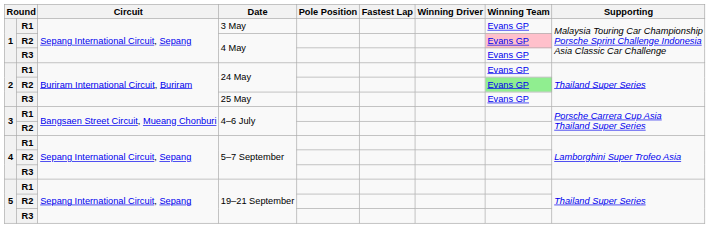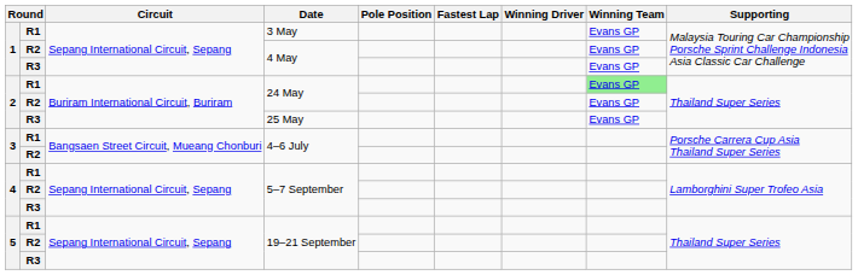 <table class="wikitable" style="font-size:85%">
 <tr>
 <th colspan=2>Round</th>
 <th>Circuit</th>
 <th>Date</th>
 <th>Pole Position</th>
 <th>Fastest Lap</th>
 <th>Winning Driver</th>
 <th>Winning Team</th>
 <th>Supporting</th>
 </tr>
 <tr>
 <th rowspan=3>1</th>
 <th>R1</th>
 <td rowspan=3> <a href='#'>Sepang International Circuit</a>, <a href='#'>Sepang</a></td>
 <td>3 May</td>
 <td nowrap> </td>
 <td nowrap> </td>
 <td nowrap> </td>
 <td nowrap> <a href='#'>Evans GP</a></td>
 <td rowspan=3 nowrap><em>Malaysia Touring Car Championship<br><a href='#'>Porsche Sprint Challenge Indonesia</a><br>Asia Classic Car Challenge</em></td>
 </tr>
 <tr>
 <th>R2</th>
 <td rowspan=2>4 May</td>
 <td></td>
 <td> </td>
 <td> </td>
-<td style="background: pink;"> <a href='#'>Evans GP</a></td>
+<td> <a href='#'>Evans GP</a></td>
 </tr>
 <tr>
 <th>R3</th>
 <td> </td>
 <td> </td>
 <td> </td>
 <td> <a href='#'>Evans GP</a></td>
 </tr>
 <tr>
 <th rowspan=3>2</th>
 <th>R1</th>
 <td rowspan=3> <a href='#'>Buriram International Circuit</a>, <a href='#'>Buriram</a></td>
 <td rowspan=2>24 May</td>
 <td> </td>
 <td> </td>
 <td> </td>
-<td> <a href='#'>Evans GP</a></td>
+<td style="background: lightgreen;"> <a href='#'>Evans GP</a></td>
 <td rowspan=3><em><a href='#'>Thailand Super Series</a></em></td>
 </tr>
 <tr>
 <th>R2</th>
 <td></td>
 <td> </td>
 <td> </td>
-<td style="background: lightgreen;"> <a href='#'>Evans GP</a></td>
+<td> <a href='#'>Evans GP</a></td>
 </tr>
 <tr>
 <th>R3</th>
 <td>25 May</td>
 <td> </td>
 <td> </td>
 <td> </td>
 <td> <a href='#'>Evans GP</a></td>
 </tr>
 <tr>
 <th rowspan=2>3</th>
 <th>R1</th>
 <td rowspan=2 nowrap> <a href='#'>Bangsaen Street Circuit</a>, <a href='#'>Mueang Chonburi</a></td>
 <td rowspan=2>4–6 July</td>
 <td></td>
 <td></td>
 <td></td>
 <td></td>
 <td rowspan=2><em><a href='#'>Porsche Carrera Cup Asia</a><br><a href='#'>Thailand Super Series</a></em></td>
 </tr>
 <tr>
 <th>R2</th>
 <td></td>
 <td></td>
 <td></td>
 <td></td>
 </tr>
 <tr>
 <th rowspan=3>4</th>
 <th>R1</th>
 <td rowspan=3> <a href='#'>Sepang International Circuit</a>, <a href='#'>Sepang</a></td>
 <td rowspan=3>5–7 September</td>
 <td></td>
 <td></td>
 <td></td>
 <td></td>
 <td rowspan=3><em><a href='#'>Lamborghini Super Trofeo Asia</a></em></td>
 </tr>
 <tr>
 <th>R2</th>
 <td></td>
 <td></td>
 <td></td>
 <td></td>
 </tr>
 <tr>
 <th>R3</th>
 <td></td>
 <td></td>
 <td></td>
 <td></td>
 </tr>
 <tr>
 <th rowspan=3>5</th>
 <th>R1</th>
 <td rowspan=3> <a href='#'>Sepang International Circuit</a>, <a href='#'>Sepang</a></td>
 <td rowspan=3 nowrap>19–21 September</td>
 <td></td>
 <td></td>
 <td></td>
 <td></td>
 <td rowspan=3><em><a href='#'>Thailand Super Series</a></em></td>
 </tr>
 <tr>
 <th>R2</th>
 <td></td>
 <td></td>
 <td></td>
 <td></td>
 </tr>
 <tr>
 <th>R3</th>
 <td></td>
 <td></td>
 <td></td>
 <td></td>
 </tr>
 </table>
